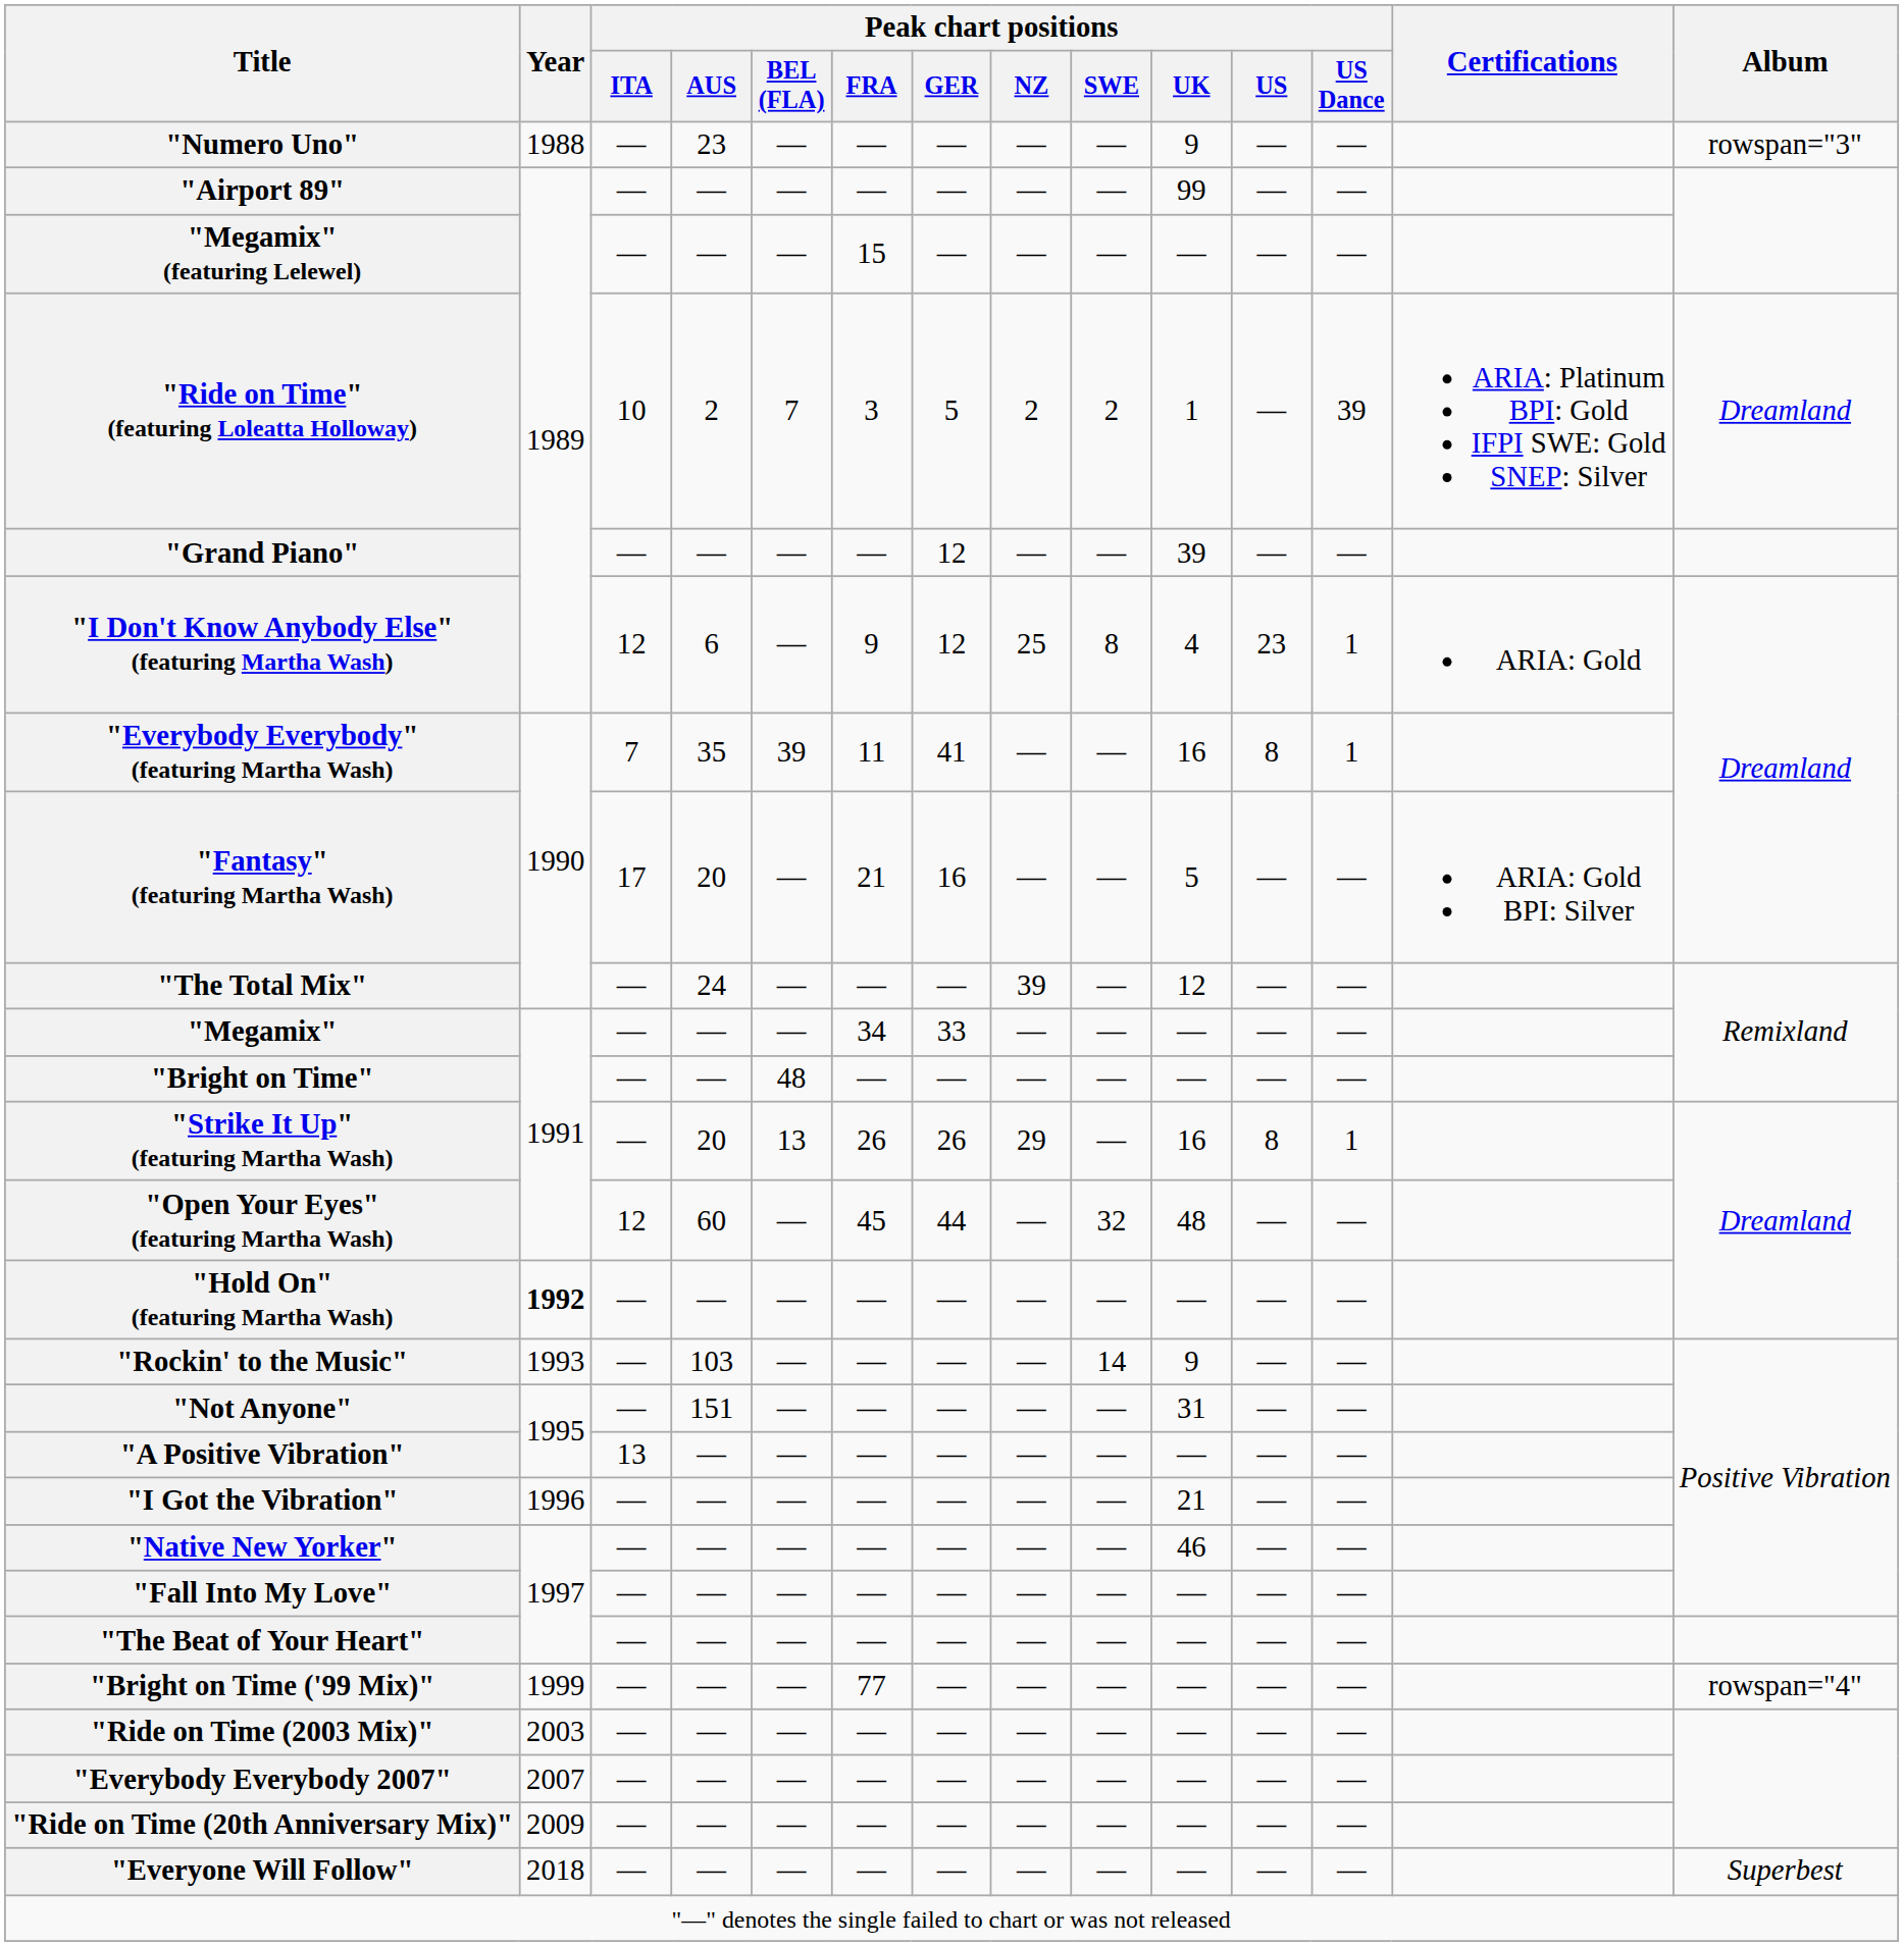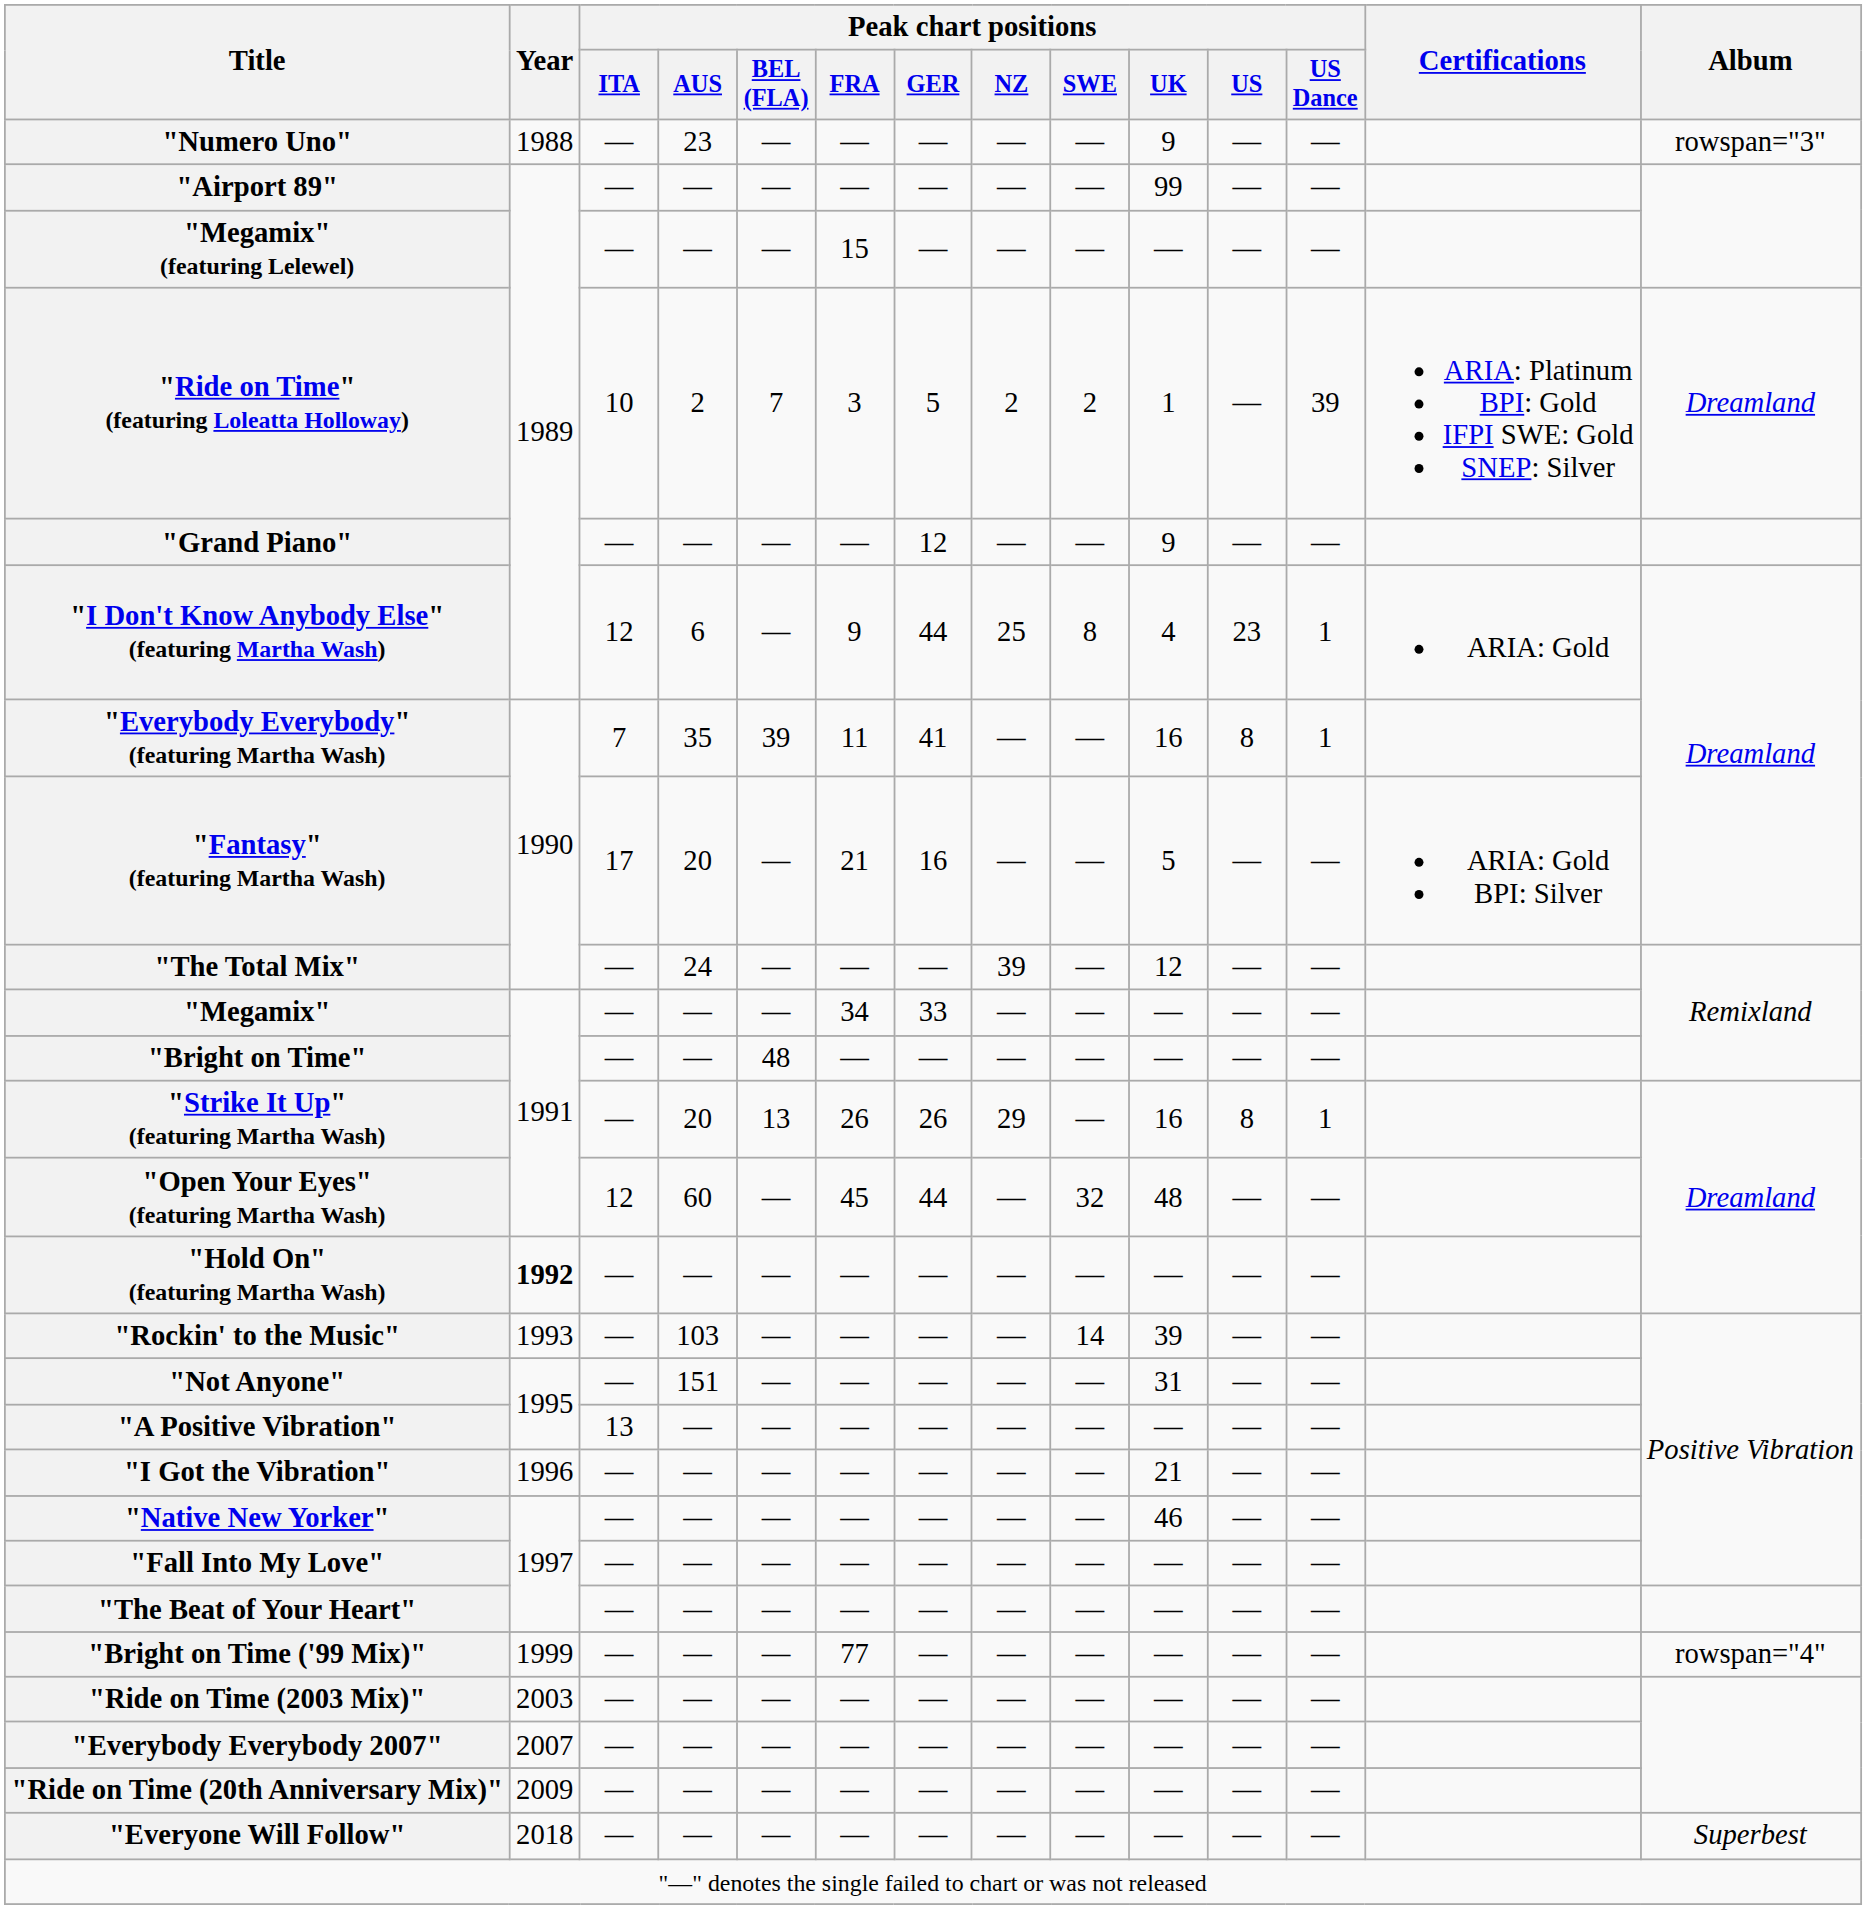 <table class="wikitable plainrowheaders" style="text-align: center;" border="1">
 <tr>
 <th rowspan="2">Title</th>
 <th rowspan="2">Year</th>
 <th colspan="10">Peak chart positions</th>
 <th rowspan="2"><a href='#'>Certifications</a></th>
 <th rowspan="2">Album</th>
 </tr>
 <tr>
 <th scope="col" style="width:2.75em;font-size:85%;"><a href='#'>ITA</a><br></th>
 <th scope="col" style="width:2.75em;font-size:85%;"><a href='#'>AUS</a><br></th>
 <th scope="col" style="width:2.75em;font-size:85%;"><a href='#'>BEL<br>(FLA)</a><br></th>
 <th scope="col" style="width:2.75em;font-size:85%;"><a href='#'>FRA</a><br></th>
 <th scope="col" style="width:2.75em;font-size:85%;"><a href='#'>GER</a><br></th>
 <th scope="col" style="width:2.75em;font-size:85%;"><a href='#'>NZ</a><br></th>
 <th scope="col" style="width:2.75em;font-size:85%;"><a href='#'>SWE</a><br></th>
 <th scope="col" style="width:2.75em;font-size:85%;"><a href='#'>UK</a><br></th>
 <th scope="col" style="width:2.75em;font-size:85%;"><a href='#'>US</a><br></th>
 <th scope="col" style="width:2.75em;font-size:85%;"><a href='#'>US<br>Dance</a><br></th>
 </tr>
 <tr>
 <th scope="row">"Numero Uno"</th>
 <td>1988</td>
 <td>—</td>
 <td>23</td>
 <td>—</td>
 <td>—</td>
 <td>—</td>
 <td>—</td>
 <td>—</td>
 <td>9</td>
 <td>—</td>
 <td>—</td>
 <td></td>
 <td>rowspan="3" </td>
 </tr>
 <tr>
 <th scope="row">"Airport 89"</th>
 <td rowspan="5">1989</td>
 <td>—</td>
 <td>—</td>
 <td>—</td>
 <td>—</td>
 <td>—</td>
 <td>—</td>
 <td>—</td>
 <td>99</td>
 <td>—</td>
 <td>—</td>
 <td></td>
 </tr>
 <tr>
 <th scope="row">"Megamix"<br><small>(featuring Lelewel)</small></th>
 <td>—</td>
 <td>—</td>
 <td>—</td>
 <td>15</td>
 <td>—</td>
 <td>—</td>
 <td>—</td>
 <td>—</td>
 <td>—</td>
 <td>—</td>
 <td></td>
 </tr>
 <tr>
 <th scope="row">"<a href='#'>Ride on Time</a>"<br><small>(featuring <a href='#'>Loleatta Holloway</a>)</small></th>
 <td>10</td>
 <td>2</td>
 <td>7</td>
 <td>3</td>
 <td>5</td>
 <td>2</td>
 <td>2</td>
 <td>1</td>
 <td>—</td>
 <td>39</td>
 <td><br><ul><li><a href='#'>ARIA</a>: Platinum</li><li><a href='#'>BPI</a>: Gold</li><li><a href='#'>IFPI</a> SWE: Gold</li><li><a href='#'>SNEP</a>: Silver</li></ul></td>
 <td><em><a href='#'>Dreamland</a></em></td>
 </tr>
 <tr>
 <th scope="row">"Grand Piano"</th>
 <td>—</td>
 <td>—</td>
 <td>—</td>
 <td>—</td>
 <td>12</td>
 <td>—</td>
 <td>—</td>
-<td>39</td>
+<td>9</td>
 <td>—</td>
 <td>—</td>
 <td></td>
 <td></td>
 </tr>
 <tr>
 <th scope="row">"<a href='#'>I Don't Know Anybody Else</a>"<br><small>(featuring <a href='#'>Martha Wash</a>)</small></th>
 <td>12</td>
 <td>6</td>
 <td>—</td>
 <td>9</td>
-<td>12</td>
+<td>44</td>
 <td>25</td>
 <td>8</td>
 <td>4</td>
 <td>23</td>
 <td>1</td>
 <td><br><ul><li>ARIA: Gold</li></ul></td>
 <td rowspan="3"><em><a href='#'>Dreamland</a></em></td>
 </tr>
 <tr>
 <th scope="row">"<a href='#'>Everybody Everybody</a>"<br><small>(featuring Martha Wash)</small></th>
 <td rowspan="3">1990</td>
 <td>7</td>
 <td>35</td>
 <td>39</td>
 <td>11</td>
 <td>41</td>
 <td>—</td>
 <td>—</td>
 <td>16</td>
 <td>8</td>
 <td>1</td>
 <td></td>
 </tr>
 <tr>
 <th scope="row">"<a href='#'>Fantasy</a>"<br><small>(featuring Martha Wash)</small></th>
 <td>17</td>
 <td>20</td>
 <td>—</td>
 <td>21</td>
 <td>16</td>
 <td>—</td>
 <td>—</td>
 <td>5</td>
 <td>—</td>
 <td>—</td>
 <td><br><ul><li>ARIA: Gold</li><li>BPI: Silver</li></ul></td>
 </tr>
 <tr>
 <th scope="row">"The Total Mix"</th>
 <td>—</td>
 <td>24</td>
 <td>—</td>
 <td>—</td>
 <td>—</td>
 <td>39</td>
 <td>—</td>
 <td>12</td>
 <td>—</td>
 <td>—</td>
 <td></td>
 <td rowspan="3"><em>Remixland</em></td>
 </tr>
 <tr>
 <th scope="row">"Megamix"</th>
 <td rowspan="4">1991</td>
 <td>—</td>
 <td>—</td>
 <td>—</td>
 <td>34</td>
 <td>33</td>
 <td>—</td>
 <td>—</td>
 <td>—</td>
 <td>—</td>
 <td>—</td>
 <td></td>
 </tr>
 <tr>
 <th scope="row">"Bright on Time"</th>
 <td>—</td>
 <td>—</td>
 <td>48</td>
 <td>—</td>
 <td>—</td>
 <td>—</td>
 <td>—</td>
 <td>—</td>
 <td>—</td>
 <td>—</td>
 <td></td>
 </tr>
 <tr>
 <th scope="row">"<a href='#'>Strike It Up</a>"<br><small>(featuring Martha Wash)</small></th>
 <td>—</td>
 <td>20</td>
 <td>13</td>
 <td>26</td>
 <td>26</td>
 <td>29</td>
 <td>—</td>
 <td>16</td>
 <td>8</td>
 <td>1</td>
 <td></td>
 <td rowspan="3"><em><a href='#'>Dreamland</a></em></td>
 </tr>
 <tr>
 <th scope="row">"Open Your Eyes"<br><small>(featuring Martha Wash)</small></th>
 <td>12</td>
 <td>60</td>
 <td>—</td>
 <td>45</td>
 <td>44</td>
 <td>—</td>
 <td>32</td>
 <td>48</td>
 <td>—</td>
 <td>—</td>
 <td></td>
 </tr>
 <tr>
 <th scope="row">"Hold On"<br><small>(featuring Martha Wash)</small></th>
 <td><strong>1992</strong></td>
 <td>—</td>
 <td>—</td>
 <td>—</td>
 <td>—</td>
 <td>—</td>
 <td>—</td>
 <td>—</td>
 <td>—</td>
 <td>—</td>
 <td>—</td>
 <td></td>
 </tr>
 <tr>
 <th scope="row">"Rockin' to the Music"</th>
 <td>1993</td>
 <td>—</td>
 <td>103</td>
 <td>—</td>
 <td>—</td>
 <td>—</td>
 <td>—</td>
 <td>14</td>
-<td>9</td>
+<td>39</td>
 <td>—</td>
 <td>—</td>
 <td></td>
 <td rowspan="6"><em>Positive Vibration</em></td>
 </tr>
 <tr>
 <th scope="row">"Not Anyone"</th>
 <td rowspan="2">1995</td>
 <td>—</td>
 <td>151</td>
 <td>—</td>
 <td>—</td>
 <td>—</td>
 <td>—</td>
 <td>—</td>
 <td>31</td>
 <td>—</td>
 <td>—</td>
 <td></td>
 </tr>
 <tr>
 <th scope="row">"A Positive Vibration"</th>
 <td>13</td>
 <td>—</td>
 <td>—</td>
 <td>—</td>
 <td>—</td>
 <td>—</td>
 <td>—</td>
 <td>—</td>
 <td>—</td>
 <td>—</td>
 <td></td>
 </tr>
 <tr>
 <th scope="row">"I Got the Vibration"</th>
 <td>1996</td>
 <td>—</td>
 <td>—</td>
 <td>—</td>
 <td>—</td>
 <td>—</td>
 <td>—</td>
 <td>—</td>
 <td>21</td>
 <td>—</td>
 <td>—</td>
 <td></td>
 </tr>
 <tr>
 <th scope="row">"<a href='#'>Native New Yorker</a>"</th>
 <td rowspan="3">1997</td>
 <td>—</td>
 <td>—</td>
 <td>—</td>
 <td>—</td>
 <td>—</td>
 <td>—</td>
 <td>—</td>
 <td>46</td>
 <td>—</td>
 <td>—</td>
 <td></td>
 </tr>
 <tr>
 <th scope="row">"Fall Into My Love"</th>
 <td>—</td>
 <td>—</td>
 <td>—</td>
 <td>—</td>
 <td>—</td>
 <td>—</td>
 <td>—</td>
 <td>—</td>
 <td>—</td>
 <td>—</td>
 <td></td>
 </tr>
 <tr>
 <th scope="row">"The Beat of Your Heart"</th>
 <td>—</td>
 <td>—</td>
 <td>—</td>
 <td>—</td>
 <td>—</td>
 <td>—</td>
 <td>—</td>
 <td>—</td>
 <td>—</td>
 <td>—</td>
 <td></td>
 </tr>
 <tr>
 <th scope="row">"Bright on Time ('99 Mix)"</th>
 <td>1999</td>
 <td>—</td>
 <td>—</td>
 <td>—</td>
 <td>77</td>
 <td>—</td>
 <td>—</td>
 <td>—</td>
 <td>—</td>
 <td>—</td>
 <td>—</td>
 <td></td>
 <td>rowspan="4" </td>
 </tr>
 <tr>
 <th scope="row">"Ride on Time (2003 Mix)"</th>
 <td>2003</td>
 <td>—</td>
 <td>—</td>
 <td>—</td>
 <td>—</td>
 <td>—</td>
 <td>—</td>
 <td>—</td>
 <td>—</td>
 <td>—</td>
 <td>—</td>
 <td></td>
 </tr>
 <tr>
 <th scope="row">"Everybody Everybody 2007"</th>
 <td>2007</td>
 <td>—</td>
 <td>—</td>
 <td>—</td>
 <td>—</td>
 <td>—</td>
 <td>—</td>
 <td>—</td>
 <td>—</td>
 <td>—</td>
 <td>—</td>
 <td></td>
 </tr>
 <tr>
 <th scope="row">"Ride on Time (20th Anniversary Mix)"</th>
 <td>2009</td>
 <td>—</td>
 <td>—</td>
 <td>—</td>
 <td>—</td>
 <td>—</td>
 <td>—</td>
 <td>—</td>
 <td>—</td>
 <td>—</td>
 <td>—</td>
 <td></td>
 </tr>
 <tr>
 <th scope="row">"Everyone Will Follow"</th>
 <td>2018</td>
 <td>—</td>
 <td>—</td>
 <td>—</td>
 <td>—</td>
 <td>—</td>
 <td>—</td>
 <td>—</td>
 <td>—</td>
 <td>—</td>
 <td>—</td>
 <td></td>
 <td><em>Superbest</em></td>
 </tr>
 <tr>
 <td align="center" colspan="14"><small>"—" denotes the single failed to chart or was not released</small></td>
 </tr>
 </table>
